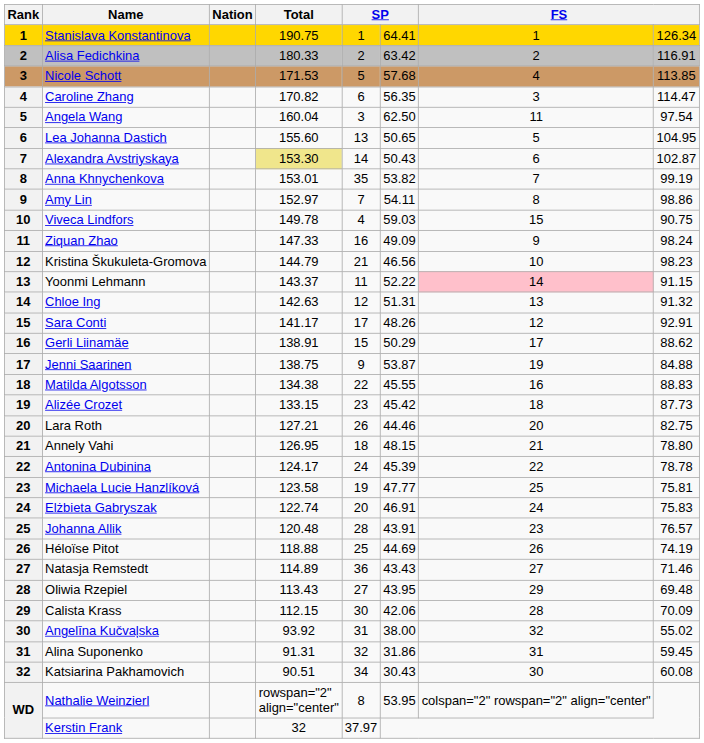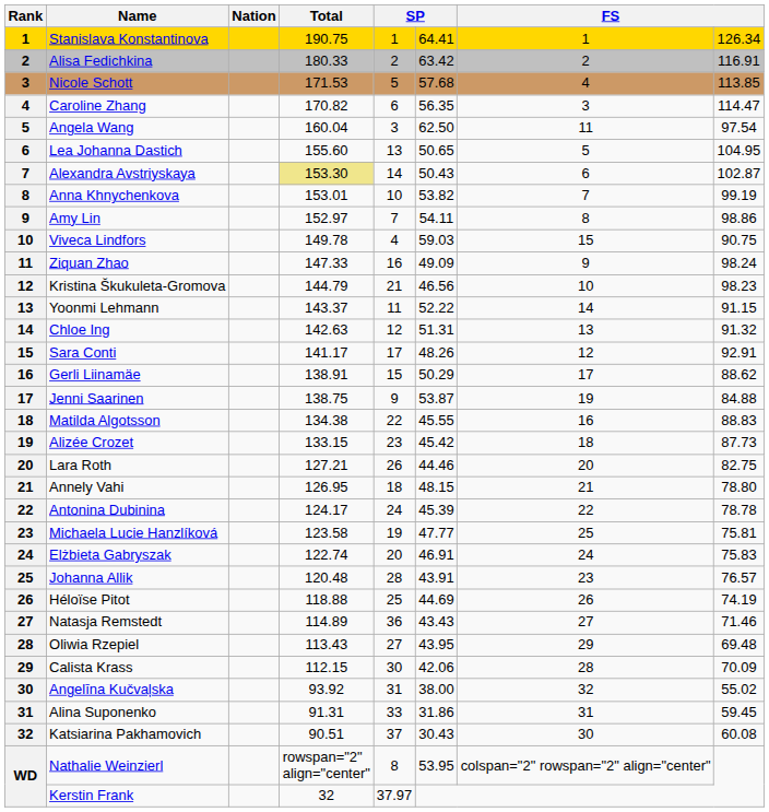 <table class="wikitable sortable">
 <tr>
 <th>Rank</th>
 <th>Name</th>
 <th>Nation</th>
 <th width="80px">Total</th>
 <th colspan="2" width="80px"><a href='#'>SP</a></th>
 <th colspan="2" width="80px"><a href='#'>FS</a></th>
 </tr>
 <tr bgcolor="gold">
 <td align="center"><strong>1</strong></td>
 <td><a href='#'>Stanislava Konstantinova</a></td>
 <td></td>
 <td align="center">190.75</td>
 <td align="center">1</td>
 <td align="center">64.41</td>
 <td align="center">1</td>
 <td align="center">126.34</td>
 </tr>
 <tr bgcolor="silver">
 <td align="center"><strong>2</strong></td>
 <td><a href='#'>Alisa Fedichkina</a></td>
 <td></td>
 <td align="center">180.33</td>
 <td align="center">2</td>
 <td align="center">63.42</td>
 <td align="center">2</td>
 <td align="center">116.91</td>
 </tr>
 <tr bgcolor="cc9966">
 <td align="center"><strong>3</strong></td>
 <td><a href='#'>Nicole Schott</a></td>
 <td></td>
 <td align="center">171.53</td>
 <td align="center">5</td>
 <td align="center">57.68</td>
 <td align="center">4</td>
 <td align="center">113.85</td>
 </tr>
 <tr>
 <th>4</th>
 <td><a href='#'>Caroline Zhang</a></td>
 <td></td>
 <td align="center">170.82</td>
 <td align="center">6</td>
 <td align="center">56.35</td>
 <td align="center">3</td>
 <td align="center">114.47</td>
 </tr>
 <tr>
 <th>5</th>
 <td><a href='#'>Angela Wang</a></td>
 <td></td>
 <td align="center">160.04</td>
 <td align="center">3</td>
 <td align="center">62.50</td>
 <td align="center">11</td>
 <td align="center">97.54</td>
 </tr>
 <tr>
 <th>6</th>
 <td><a href='#'>Lea Johanna Dastich</a></td>
 <td></td>
 <td align="center">155.60</td>
 <td align="center">13</td>
 <td align="center">50.65</td>
 <td align="center">5</td>
 <td align="center">104.95</td>
 </tr>
 <tr>
 <th>7</th>
 <td><a href='#'>Alexandra Avstriyskaya</a></td>
 <td></td>
 <td align="center" style="background: khaki;">153.30</td>
 <td align="center">14</td>
 <td align="center">50.43</td>
 <td align="center">6</td>
 <td align="center">102.87</td>
 </tr>
 <tr>
 <th>8</th>
 <td><a href='#'>Anna Khnychenkova</a></td>
 <td></td>
 <td align="center">153.01</td>
-<td align="center">35</td>
+<td align="center">10</td>
 <td align="center">53.82</td>
 <td align="center">7</td>
 <td align="center">99.19</td>
 </tr>
 <tr>
 <th>9</th>
 <td><a href='#'>Amy Lin</a></td>
 <td></td>
 <td align="center">152.97</td>
 <td align="center">7</td>
 <td align="center">54.11</td>
 <td align="center">8</td>
 <td align="center">98.86</td>
 </tr>
 <tr>
 <th>10</th>
 <td><a href='#'>Viveca Lindfors</a></td>
 <td></td>
 <td align="center">149.78</td>
 <td align="center">4</td>
 <td align="center">59.03</td>
 <td align="center">15</td>
 <td align="center">90.75</td>
 </tr>
 <tr>
 <th>11</th>
 <td><a href='#'>Ziquan Zhao</a></td>
 <td></td>
 <td align="center">147.33</td>
 <td align="center">16</td>
 <td align="center">49.09</td>
 <td align="center">9</td>
 <td align="center">98.24</td>
 </tr>
 <tr>
 <th>12</th>
 <td>Kristina Škukuleta-Gromova</td>
 <td></td>
 <td align="center">144.79</td>
 <td align="center">21</td>
 <td align="center">46.56</td>
 <td align="center">10</td>
 <td align="center">98.23</td>
 </tr>
 <tr>
 <th>13</th>
 <td>Yoonmi Lehmann</td>
 <td></td>
 <td align="center">143.37</td>
 <td align="center">11</td>
 <td align="center">52.22</td>
-<td align="center" style="background: pink;">14</td>
+<td align="center">14</td>
 <td align="center">91.15</td>
 </tr>
 <tr>
 <th>14</th>
 <td><a href='#'>Chloe Ing</a></td>
 <td></td>
 <td align="center">142.63</td>
 <td align="center">12</td>
 <td align="center">51.31</td>
 <td align="center">13</td>
 <td align="center">91.32</td>
 </tr>
 <tr>
 <th>15</th>
 <td><a href='#'>Sara Conti</a></td>
 <td></td>
 <td align="center">141.17</td>
 <td align="center">17</td>
 <td align="center">48.26</td>
 <td align="center">12</td>
 <td align="center">92.91</td>
 </tr>
 <tr>
 <th>16</th>
 <td><a href='#'>Gerli Liinamäe</a></td>
 <td></td>
 <td align="center">138.91</td>
 <td align="center">15</td>
 <td align="center">50.29</td>
 <td align="center">17</td>
 <td align="center">88.62</td>
 </tr>
 <tr>
 <th>17</th>
 <td><a href='#'>Jenni Saarinen</a></td>
 <td></td>
 <td align="center">138.75</td>
 <td align="center">9</td>
 <td align="center">53.87</td>
 <td align="center">19</td>
 <td align="center">84.88</td>
 </tr>
 <tr>
 <th>18</th>
 <td><a href='#'>Matilda Algotsson</a></td>
 <td></td>
 <td align="center">134.38</td>
 <td align="center">22</td>
 <td align="center">45.55</td>
 <td align="center">16</td>
 <td align="center">88.83</td>
 </tr>
 <tr>
 <th>19</th>
 <td><a href='#'>Alizée Crozet</a></td>
 <td></td>
 <td align="center">133.15</td>
 <td align="center">23</td>
 <td align="center">45.42</td>
 <td align="center">18</td>
 <td align="center">87.73</td>
 </tr>
 <tr>
 <th>20</th>
 <td>Lara Roth</td>
 <td></td>
 <td align="center">127.21</td>
 <td align="center">26</td>
 <td align="center">44.46</td>
 <td align="center">20</td>
 <td align="center">82.75</td>
 </tr>
 <tr>
 <th>21</th>
 <td>Annely Vahi</td>
 <td></td>
 <td align="center">126.95</td>
 <td align="center">18</td>
 <td align="center">48.15</td>
 <td align="center">21</td>
 <td align="center">78.80</td>
 </tr>
 <tr>
 <th>22</th>
 <td><a href='#'>Antonina Dubinina</a></td>
 <td></td>
 <td align="center">124.17</td>
 <td align="center">24</td>
 <td align="center">45.39</td>
 <td align="center">22</td>
 <td align="center">78.78</td>
 </tr>
 <tr>
 <th>23</th>
 <td><a href='#'>Michaela Lucie Hanzlíková</a></td>
 <td></td>
 <td align="center">123.58</td>
 <td align="center">19</td>
 <td align="center">47.77</td>
 <td align="center">25</td>
 <td align="center">75.81</td>
 </tr>
 <tr>
 <th>24</th>
 <td><a href='#'>Elżbieta Gabryszak</a></td>
 <td></td>
 <td align="center">122.74</td>
 <td align="center">20</td>
 <td align="center">46.91</td>
 <td align="center">24</td>
 <td align="center">75.83</td>
 </tr>
 <tr>
 <th>25</th>
 <td><a href='#'>Johanna Allik</a></td>
 <td></td>
 <td align="center">120.48</td>
 <td align="center">28</td>
 <td align="center">43.91</td>
 <td align="center">23</td>
 <td align="center">76.57</td>
 </tr>
 <tr>
 <th>26</th>
 <td>Héloïse Pitot</td>
 <td></td>
 <td align="center">118.88</td>
 <td align="center">25</td>
 <td align="center">44.69</td>
 <td align="center">26</td>
 <td align="center">74.19</td>
 </tr>
 <tr>
 <th>27</th>
 <td>Natasja Remstedt</td>
 <td></td>
 <td align="center">114.89</td>
 <td align="center">36</td>
 <td align="center">43.43</td>
 <td align="center">27</td>
 <td align="center">71.46</td>
 </tr>
 <tr>
 <th>28</th>
 <td>Oliwia Rzepiel</td>
 <td></td>
 <td align="center">113.43</td>
 <td align="center">27</td>
 <td align="center">43.95</td>
 <td align="center">29</td>
 <td align="center">69.48</td>
 </tr>
 <tr>
 <th>29</th>
 <td>Calista Krass</td>
 <td></td>
 <td align="center">112.15</td>
 <td align="center">30</td>
 <td align="center">42.06</td>
 <td align="center">28</td>
 <td align="center">70.09</td>
 </tr>
 <tr>
 <th>30</th>
 <td><a href='#'>Angelīna Kučvaļska</a></td>
 <td></td>
 <td align="center">93.92</td>
 <td align="center">31</td>
 <td align="center">38.00</td>
 <td align="center">32</td>
 <td align="center">55.02</td>
 </tr>
 <tr>
 <th>31</th>
 <td>Alina Suponenko</td>
 <td></td>
 <td align="center">91.31</td>
-<td align="center">32</td>
+<td align="center">33</td>
 <td align="center">31.86</td>
 <td align="center">31</td>
 <td align="center">59.45</td>
 </tr>
 <tr>
 <th>32</th>
 <td>Katsiarina Pakhamovich</td>
 <td></td>
 <td align="center">90.51</td>
-<td align="center">34</td>
+<td align="center">37</td>
 <td align="center">30.43</td>
 <td align="center">30</td>
 <td align="center">60.08</td>
 </tr>
 <tr>
 <th rowspan="2">WD</th>
 <td><a href='#'>Nathalie Weinzierl</a></td>
 <td></td>
 <td>rowspan="2" align="center" </td>
 <td align="center">8</td>
 <td align="center">53.95</td>
 <td>colspan="2" rowspan="2" align="center" </td>
 </tr>
 <tr>
 <td><a href='#'>Kerstin Frank</a></td>
 <td></td>
 <td align="center">32</td>
 <td align="center">37.97</td>
 </tr>
 </table>
